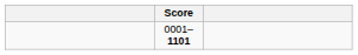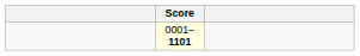 <table class="wikitable" style="text-align: center; font-size:90% ">
 <tr>
 <th align="right" width="200"></th>
 <th width="60">Score</th>
 <th align="left" width="200"></th>
 </tr>
 <tr>
 <td align="left"></td>
-<td>0001–<strong>1101</strong></td>
+<td style="background: lightyellow;">0001–<strong>1101</strong></td>
 <td align="left"><strong></strong></td>
 </tr>
 </table>
